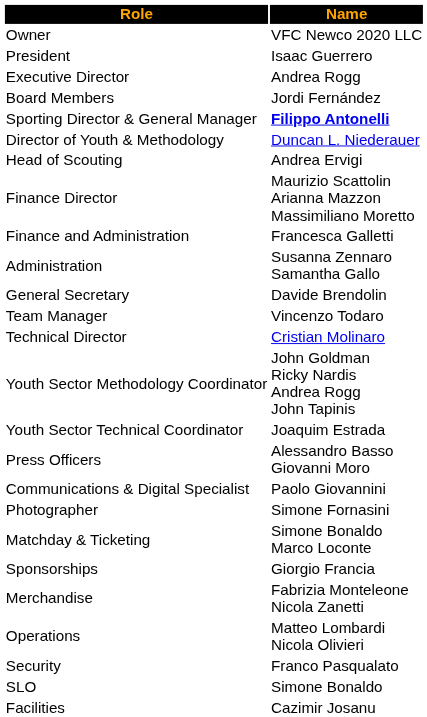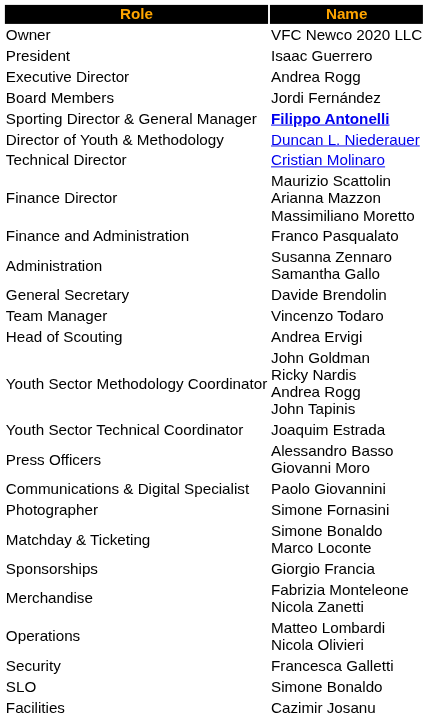 <table class="toccolours">
 <tr>
 <th style="background:#000000;color:orange;">Role</th>
 <th style="background:#000000;color:orange;">Name</th>
 </tr>
 <tr>
 <td>Owner</td>
 <td> VFC Newco 2020 LLC</td>
 </tr>
 <tr>
 <td>President</td>
 <td> Isaac Guerrero</td>
 </tr>
 <tr>
 <td>Executive Director</td>
 <td> Andrea Rogg</td>
 </tr>
 <tr>
 <td>Board Members</td>
 <td> Jordi Fernández</td>
 </tr>
 <tr>
 <td>Sporting Director & General Manager</td>
 <td><strong> <a href='#'>Filippo Antonelli</a></strong></td>
 </tr>
 <tr>
 <td>Director of Youth & Methodology</td>
 <td> <a href='#'>Duncan L. Niederauer</a></td>
 </tr>
 <tr>
-<td>Head of Scouting</td>
-<td> Andrea Ervigi</td>
+<td>Technical Director</td>
+<td> <a href='#'>Cristian Molinaro</a></td>
 </tr>
 <tr>
 <td>Finance Director</td>
 <td> Maurizio Scattolin <br>  Arianna Mazzon <br>  Massimiliano Moretto</td>
 </tr>
 <tr>
 <td>Finance and Administration</td>
-<td> Francesca Galletti</td>
+<td> Franco Pasqualato</td>
 </tr>
 <tr>
 <td>Administration</td>
 <td> Susanna Zennaro <br>  Samantha Gallo</td>
 </tr>
 <tr>
 <td>General Secretary</td>
 <td> Davide Brendolin</td>
 </tr>
 <tr>
 <td>Team Manager</td>
 <td> Vincenzo Todaro</td>
 </tr>
 <tr>
-<td>Technical Director</td>
-<td> <a href='#'>Cristian Molinaro</a></td>
+<td>Head of Scouting</td>
+<td> Andrea Ervigi</td>
 </tr>
 <tr>
 <td>Youth Sector Methodology Coordinator</td>
 <td> John Goldman <br>  Ricky Nardis <br>  Andrea Rogg <br>  John Tapinis</td>
 </tr>
 <tr>
 <td>Youth Sector Technical Coordinator</td>
 <td> Joaquim Estrada</td>
 </tr>
 <tr>
 <td>Press Officers</td>
 <td> Alessandro Basso <br>  Giovanni Moro</td>
 </tr>
 <tr>
 <td>Communications & Digital Specialist</td>
 <td> Paolo Giovannini</td>
 </tr>
 <tr>
 <td>Photographer</td>
 <td> Simone Fornasini</td>
 </tr>
 <tr>
 <td>Matchday & Ticketing</td>
 <td> Simone Bonaldo <br>  Marco Loconte</td>
 </tr>
 <tr>
 <td>Sponsorships</td>
 <td> Giorgio Francia</td>
 </tr>
 <tr>
 <td>Merchandise</td>
 <td> Fabrizia Monteleone <br>  Nicola Zanetti</td>
 </tr>
 <tr>
 <td>Operations</td>
 <td> Matteo Lombardi <br>  Nicola Olivieri</td>
 </tr>
 <tr>
 <td>Security</td>
-<td> Franco Pasqualato</td>
+<td> Francesca Galletti</td>
 </tr>
 <tr>
 <td>SLO</td>
 <td> Simone Bonaldo</td>
 </tr>
 <tr>
 <td>Facilities</td>
 <td> Cazimir Josanu</td>
 </tr>
 </table>
